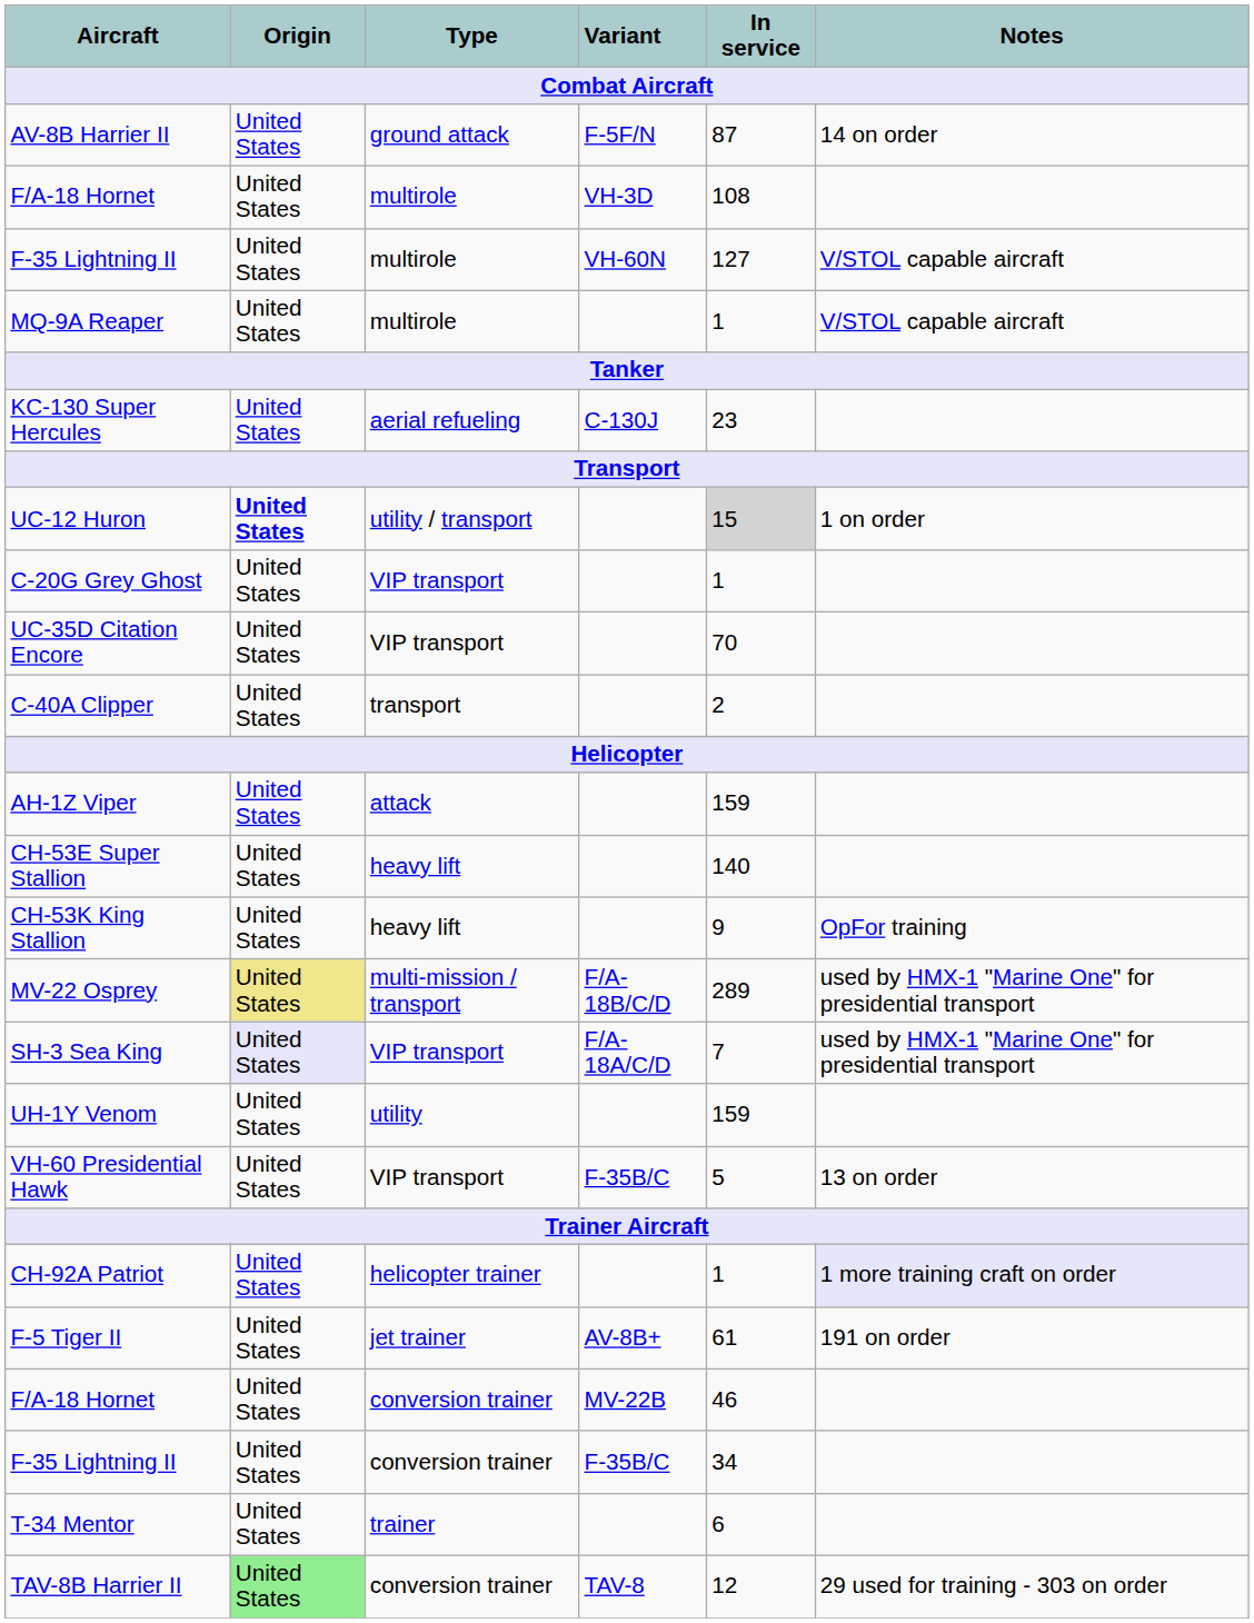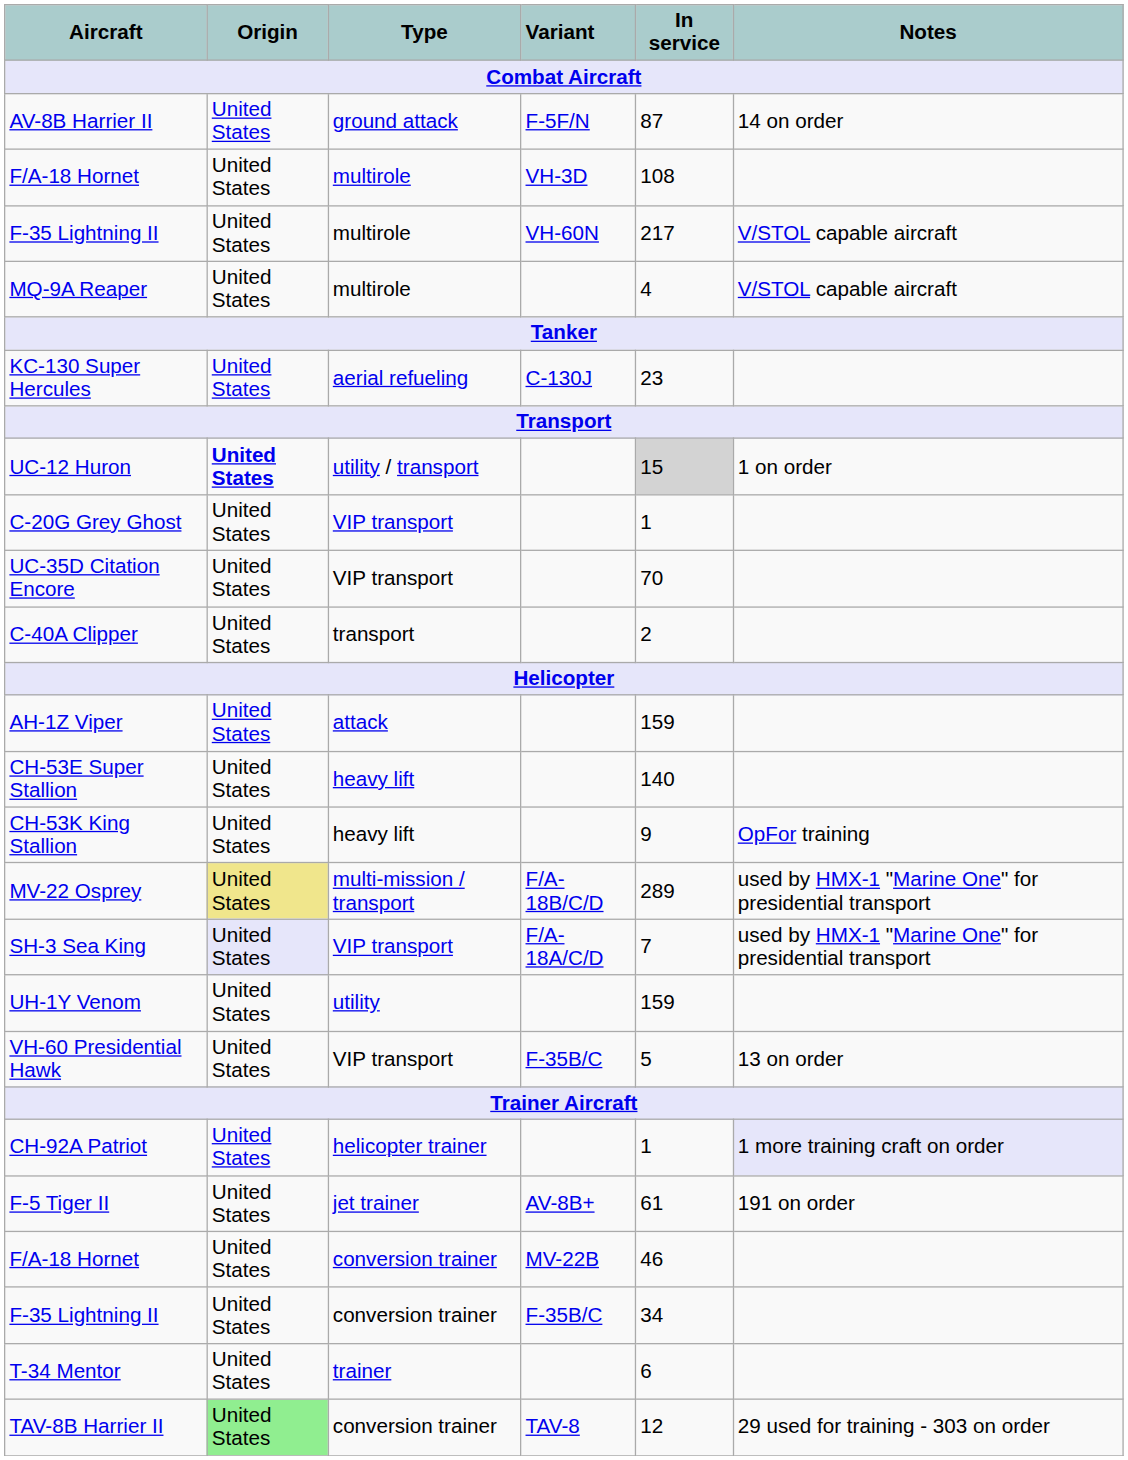 <table class="wikitable">
 <tr>
 <th style="text-align:center; background:#acc;">Aircraft</th>
 <th style="text-align: center; background:#acc;">Origin</th>
 <th style="text-align:l center; background:#acc;">Type</th>
 <th style="text-align:left; background:#acc;">Variant</th>
 <th style="text-align:center; background:#acc;">In service</th>
 <th style="text-align: center; background:#acc;">Notes</th>
 </tr>
 <tr>
 <th style="align: center; background: lavender;" colspan="7"><a href='#'>Combat Aircraft</a></th>
 </tr>
 <tr>
 <td><a href='#'>AV-8B Harrier II</a></td>
 <td><a href='#'>United States</a></td>
 <td><a href='#'>ground attack</a></td>
 <td><a href='#'>F-5F/N</a></td>
 <td>87</td>
 <td>14 on order</td>
 </tr>
 <tr>
 <td><a href='#'>F/A-18 Hornet</a></td>
 <td>United States</td>
 <td><a href='#'>multirole</a></td>
 <td><a href='#'>VH-3D</a></td>
 <td>108</td>
 <td></td>
 </tr>
 <tr>
 <td><a href='#'>F-35 Lightning II</a></td>
 <td>United States</td>
 <td>multirole</td>
 <td><a href='#'>VH-60N</a></td>
-<td>127</td>
+<td>217</td>
 <td><a href='#'>V/STOL</a> capable aircraft</td>
 </tr>
 <tr>
 <td><a href='#'>MQ-9A Reaper</a></td>
 <td>United States</td>
 <td>multirole</td>
 <td></td>
-<td>1</td>
+<td>4</td>
 <td><a href='#'>V/STOL</a> capable aircraft</td>
 </tr>
 <tr>
 <th style="align: center; background: lavender;" colspan="7"><a href='#'>Tanker</a></th>
 </tr>
 <tr>
 <td><a href='#'>KC-130 Super Hercules</a></td>
 <td><a href='#'>United States</a></td>
 <td><a href='#'>aerial refueling</a></td>
 <td><a href='#'>C-130J</a></td>
 <td>23</td>
 <td></td>
 </tr>
 <tr>
 <th style="align: center; background: lavender;" colspan="7"><a href='#'>Transport</a></th>
 </tr>
 <tr>
 <td><a href='#'>UC-12 Huron</a></td>
 <td><strong><a href='#'>United States</a></strong></td>
 <td><a href='#'>utility</a> / <a href='#'>transport</a></td>
 <td></td>
 <td style="background: lightgrey;">15</td>
 <td>1 on order</td>
 </tr>
 <tr>
 <td><a href='#'>C-20G Grey Ghost</a></td>
 <td>United States</td>
 <td><a href='#'>VIP transport</a></td>
 <td></td>
 <td>1</td>
 <td></td>
 </tr>
 <tr>
 <td><a href='#'>UC-35D Citation Encore</a></td>
 <td>United States</td>
 <td>VIP transport</td>
 <td></td>
 <td>70</td>
 <td></td>
 </tr>
 <tr>
 <td><a href='#'>C-40A Clipper</a></td>
 <td>United States</td>
 <td>transport</td>
 <td></td>
 <td>2</td>
 <td></td>
 </tr>
 <tr>
 <th style="align: center; background: lavender;" colspan="7"><a href='#'>Helicopter</a></th>
 </tr>
 <tr>
 <td><a href='#'>AH-1Z Viper</a></td>
 <td><a href='#'>United States</a></td>
 <td><a href='#'>attack</a></td>
 <td></td>
 <td>159</td>
 <td></td>
 </tr>
 <tr>
 <td><a href='#'>CH-53E Super Stallion</a></td>
 <td>United States</td>
 <td><a href='#'>heavy lift</a></td>
 <td></td>
 <td>140</td>
 <td></td>
 </tr>
 <tr>
 <td><a href='#'>CH-53K King Stallion</a></td>
 <td>United States</td>
 <td>heavy lift</td>
 <td></td>
 <td>9 </td>
 <td><a href='#'>OpFor</a> training</td>
 </tr>
 <tr>
 <td><a href='#'>MV-22 Osprey</a></td>
 <td style="background: khaki;">United States</td>
 <td><a href='#'>multi-mission / transport</a></td>
 <td><a href='#'>F/A-18B/C/D</a></td>
 <td>289</td>
 <td>used by <a href='#'>HMX-1</a> "<a href='#'>Marine One</a>" for presidential transport</td>
 </tr>
 <tr>
 <td><a href='#'>SH-3 Sea King</a></td>
 <td style="background: lavender;">United States</td>
 <td><a href='#'>VIP transport</a></td>
 <td><a href='#'>F/A-18A/C/D</a></td>
 <td>7</td>
 <td>used by <a href='#'>HMX-1</a> "<a href='#'>Marine One</a>" for presidential transport</td>
 </tr>
 <tr>
 <td><a href='#'>UH-1Y Venom</a></td>
 <td>United States</td>
 <td><a href='#'>utility</a></td>
 <td></td>
 <td>159</td>
 <td></td>
 </tr>
 <tr>
 <td><a href='#'>VH-60 Presidential Hawk</a></td>
 <td>United States</td>
 <td>VIP transport</td>
 <td><a href='#'>F-35B/C</a></td>
 <td>5</td>
 <td>13 on order</td>
 </tr>
 <tr>
 <th style="align: center; background: lavender;" colspan="7"><a href='#'>Trainer Aircraft</a></th>
 </tr>
 <tr>
 <td><a href='#'>CH-92A Patriot</a></td>
 <td><a href='#'>United States</a></td>
 <td><a href='#'>helicopter trainer</a></td>
 <td></td>
 <td>1</td>
 <td style="background: lavender;">1 more training craft on order</td>
 </tr>
 <tr>
 <td><a href='#'>F-5 Tiger II</a></td>
 <td>United States</td>
 <td><a href='#'>jet trainer</a></td>
 <td><a href='#'>AV-8B+</a></td>
 <td>61</td>
 <td>191 on order</td>
 </tr>
 <tr>
 <td><a href='#'>F/A-18 Hornet</a></td>
 <td>United States</td>
 <td><a href='#'>conversion trainer</a></td>
 <td><a href='#'>MV-22B</a></td>
 <td>46</td>
 <td></td>
 </tr>
 <tr>
 <td><a href='#'>F-35 Lightning II</a></td>
 <td>United States</td>
 <td>conversion trainer</td>
 <td><a href='#'>F-35B/C</a></td>
 <td>34</td>
 <td></td>
 </tr>
 <tr>
 <td><a href='#'>T-34 Mentor</a></td>
 <td>United States</td>
 <td><a href='#'>trainer</a></td>
 <td></td>
 <td>6</td>
 <td></td>
 </tr>
 <tr>
 <td><a href='#'>TAV-8B Harrier II</a></td>
 <td style="background: lightgreen;">United States</td>
 <td>conversion trainer</td>
 <td><a href='#'>TAV-8</a></td>
 <td>12</td>
 <td>29 used for training - 303 on order</td>
 </tr>
 </table>
